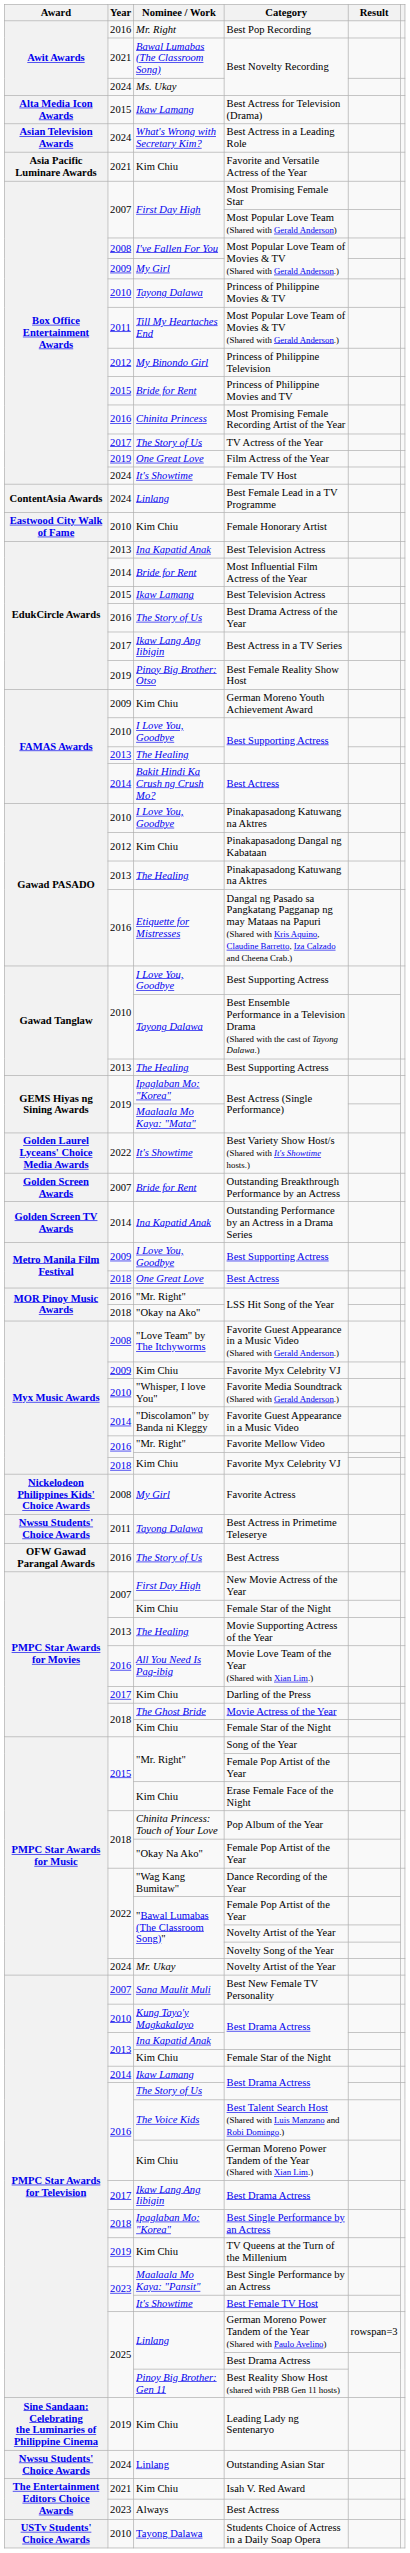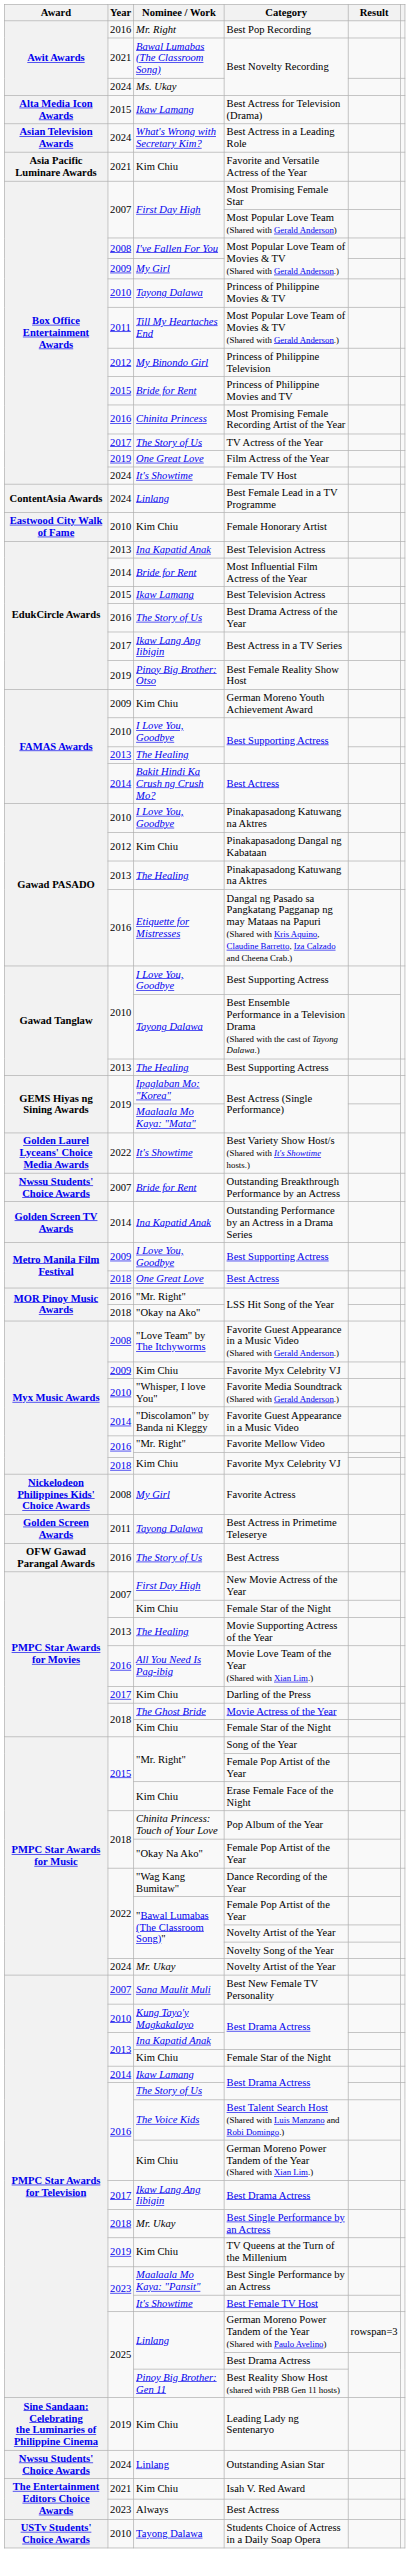 <table class="wikitable sortable plainrowheaders">
 <tr>
 <th scope="col">Award</th>
 <th scope="col">Year</th>
 <th scope="col">Nominee / Work</th>
 <th scope="col">Category</th>
 <th scope="col">Result</th>
 <th scope="col" class="unsortable"></th>
 </tr>
 <tr>
 <th rowspan="3" scope="row"><a href='#'>Awit Awards</a></th>
 <td>2016</td>
 <td><em>Mr. Right</em></td>
 <td>Best Pop Recording</td>
 <td></td>
 <td style="text-align: center;"></td>
 </tr>
 <tr>
 <td>2021</td>
 <td><em><a href='#'>Bawal Lumabas (The Classroom Song)</a></em></td>
 <td rowspan=2>Best Novelty Recording</td>
 <td></td>
 <td style="text-align: center;"></td>
 </tr>
 <tr>
 <td>2024</td>
 <td><em>Ms. Ukay</em></td>
 <td></td>
 <td style="text-align: center;"></td>
 </tr>
 <tr>
 <th rowspan="1" scope="row"><a href='#'>Alta Media Icon Awards</a></th>
 <td>2015</td>
 <td><em><a href='#'>Ikaw Lamang</a></em></td>
 <td>Best Actress for Television (Drama)</td>
 <td></td>
 <td style="text-align: center;"></td>
 </tr>
 <tr>
 <th scope="row"><a href='#'>Asian Television Awards</a></th>
 <td>2024</td>
 <td><em><a href='#'>What's Wrong with Secretary Kim?</a></em></td>
 <td>Best Actress in a Leading Role</td>
 <td></td>
 <td style="text-align: center;"></td>
 </tr>
 <tr>
 <th rowspan="1" scope="row">Asia Pacific Luminare Awards</th>
 <td>2021</td>
 <td>Kim Chiu</td>
 <td>Favorite and Versatile Actress of the Year</td>
 <td></td>
 <td style="text-align: center;"></td>
 </tr>
 <tr>
 <th rowspan="12" scope="row"><a href='#'>Box Office Entertainment Awards</a></th>
 <td rowspan="2">2007</td>
 <td rowspan="2"><em><a href='#'>First Day High</a></em></td>
 <td>Most Promising Female Star</td>
 <td></td>
 <td rowspan="2" style="text-align: center;"></td>
 </tr>
 <tr>
 <td>Most Popular Love Team <br><small>(Shared with <a href='#'>Gerald Anderson</a>)</small></td>
 <td></td>
 </tr>
 <tr>
 <td><a href='#'>2008</a></td>
 <td><em><a href='#'>I've Fallen For You</a></em></td>
 <td rowspan="2">Most Popular Love Team of Movies & TV<br><small>(Shared with <a href='#'>Gerald Anderson</a>.)</small></td>
 <td></td>
 <td style="text-align: center;"></td>
 </tr>
 <tr>
 <td><a href='#'>2009</a></td>
 <td><em><a href='#'>My Girl</a></em></td>
 <td></td>
 <td style="text-align: center;"></td>
 </tr>
 <tr>
 <td><a href='#'>2010</a></td>
 <td><em><a href='#'>Tayong Dalawa</a></em></td>
 <td>Princess of Philippine Movies & TV</td>
 <td></td>
 <td style="text-align: center;"></td>
 </tr>
 <tr>
 <td><a href='#'>2011</a></td>
 <td><em><a href='#'>Till My Heartaches End</a></em></td>
 <td>Most Popular Love Team of Movies & TV<br><small>(Shared with <a href='#'>Gerald Anderson</a>.)</small></td>
 <td></td>
 <td style="text-align: center;"></td>
 </tr>
 <tr>
 <td><a href='#'>2012</a></td>
 <td><em><a href='#'>My Binondo Girl</a></em></td>
 <td>Princess of Philippine Television</td>
 <td></td>
 <td style="text-align: center;"></td>
 </tr>
 <tr>
 <td><a href='#'>2015</a></td>
 <td><em><a href='#'>Bride for Rent</a></em></td>
 <td>Princess of Philippine Movies and TV</td>
 <td></td>
 <td style="text-align: center;"></td>
 </tr>
 <tr>
 <td rowspan="1"><a href='#'>2016</a></td>
 <td><em><a href='#'>Chinita Princess</a></em></td>
 <td>Most Promising Female Recording Artist of the Year</td>
 <td></td>
 <td style="text-align: center;"></td>
 </tr>
 <tr>
 <td><a href='#'>2017</a></td>
 <td><em><a href='#'>The Story of Us</a></em></td>
 <td>TV Actress of the Year</td>
 <td></td>
 <td style="text-align: center;"></td>
 </tr>
 <tr>
 <td><a href='#'>2019</a></td>
 <td><em><a href='#'>One Great Love</a></em></td>
 <td>Film Actress of the Year</td>
 <td></td>
 <td style="text-align: center;"></td>
 </tr>
 <tr>
 <td>2024</td>
 <td><em><a href='#'>It's Showtime</a></em></td>
 <td>Female TV Host</td>
 <td></td>
 <td align="center"></td>
 </tr>
 <tr>
 <th scope="row">ContentAsia Awards</th>
 <td>2024</td>
 <td><em><a href='#'>Linlang</a></em></td>
 <td>Best Female Lead in a TV Programme</td>
 <td></td>
 <td style="text-align: center;"></td>
 </tr>
 <tr>
 <th rowspan="1" scope="row"><a href='#'>Eastwood City Walk of Fame</a></th>
 <td>2010</td>
 <td>Kim Chiu</td>
 <td>Female Honorary Artist</td>
 <td></td>
 <td style="text-align: center;"></td>
 </tr>
 <tr>
 <th rowspan="6" scope="row">EdukCircle Awards</th>
 <td>2013</td>
 <td><em><a href='#'>Ina Kapatid Anak</a></em></td>
 <td>Best Television Actress</td>
 <td></td>
 <td style="text-align: center;"></td>
 </tr>
 <tr>
 <td>2014</td>
 <td><em><a href='#'>Bride for Rent</a></em></td>
 <td>Most Influential Film Actress of the Year</td>
 <td></td>
 <td style="text-align: center;"></td>
 </tr>
 <tr>
 <td>2015</td>
 <td><em><a href='#'>Ikaw Lamang</a></em></td>
 <td>Best Television Actress</td>
 <td></td>
 <td style="text-align: center;"></td>
 </tr>
 <tr>
 <td>2016</td>
 <td><em><a href='#'>The Story of Us</a></em></td>
 <td>Best Drama Actress of the Year</td>
 <td></td>
 <td style="text-align: center;"></td>
 </tr>
 <tr>
 <td>2017</td>
 <td><em><a href='#'>Ikaw Lang Ang Iibigin</a></em></td>
 <td>Best Actress in a TV Series</td>
 <td></td>
 <td style="text-align: center;"></td>
 </tr>
 <tr>
 <td>2019</td>
 <td><em><a href='#'>Pinoy Big Brother: Otso</a></em></td>
 <td>Best Female Reality Show Host</td>
 <td></td>
 <td style="text-align: center;"></td>
 </tr>
 <tr>
 <th rowspan="4" scope="row"><a href='#'>FAMAS Awards</a></th>
 <td>2009</td>
 <td>Kim Chiu</td>
 <td>German Moreno Youth Achievement Award</td>
 <td></td>
 <td style="text-align: center;"></td>
 </tr>
 <tr>
 <td>2010</td>
 <td><em><a href='#'>I Love You, Goodbye</a></em></td>
 <td rowspan="2"><a href='#'>Best Supporting Actress</a></td>
 <td></td>
 <td style="text-align: center;"></td>
 </tr>
 <tr>
 <td><a href='#'>2013</a></td>
 <td><em><a href='#'>The Healing</a></em></td>
 <td></td>
 <td style="text-align: center;"></td>
 </tr>
 <tr>
 <td><a href='#'>2014</a></td>
 <td><em><a href='#'>Bakit Hindi Ka Crush ng Crush Mo?</a></em></td>
 <td><a href='#'>Best Actress</a></td>
 <td></td>
 <td style="text-align: center;"></td>
 </tr>
 <tr>
 <th rowspan="4" scope="row">Gawad PASADO</th>
 <td>2010</td>
 <td><em><a href='#'>I Love You, Goodbye</a></em></td>
 <td>Pinakapasadong Katuwang na Aktres</td>
 <td></td>
 <td style="text-align: center;"></td>
 </tr>
 <tr>
 <td>2012</td>
 <td>Kim Chiu</td>
 <td>Pinakapasadong Dangal ng Kabataan</td>
 <td></td>
 <td style="text-align: center;"></td>
 </tr>
 <tr>
 <td>2013</td>
 <td><em><a href='#'>The Healing</a></em></td>
 <td>Pinakapasadong Katuwang na Aktres</td>
 <td></td>
 <td style="text-align: center;"></td>
 </tr>
 <tr>
 <td>2016</td>
 <td><em><a href='#'>Etiquette for Mistresses</a></em></td>
 <td>Dangal ng Pasado sa Pangkatang Pagganap ng may Mataas na Papuri<br><small>(Shared with <a href='#'>Kris Aquino</a>, <a href='#'>Claudine Barretto</a>, <a href='#'>Iza Calzado</a> and Cheena Crab.)</small></td>
 <td></td>
 <td style="text-align: center;"></td>
 </tr>
 <tr>
 <th rowspan="3" scope="row">Gawad Tanglaw</th>
 <td rowspan="2">2010</td>
 <td><em><a href='#'>I Love You, Goodbye</a></em></td>
 <td>Best Supporting Actress</td>
 <td></td>
 <td rowspan="2" style="text-align: center;"></td>
 </tr>
 <tr>
 <td><em><a href='#'>Tayong Dalawa</a></em></td>
 <td>Best Ensemble Performance in a Television Drama <br><small>(Shared with the cast of <em>Tayong Dalawa</em>.)</small></td>
 <td></td>
 </tr>
 <tr>
 <td>2013</td>
 <td><em><a href='#'>The Healing</a></em></td>
 <td>Best Supporting Actress</td>
 <td></td>
 <td style="text-align: center;"></td>
 </tr>
 <tr>
 <th rowspan="2" scope="row">GEMS Hiyas ng Sining Awards</th>
 <td rowspan="2">2019</td>
 <td><em><a href='#'>Ipaglaban Mo: "Korea"</a></em></td>
 <td rowspan="2">Best Actress (Single Performance)</td>
 <td></td>
 <td rowspan="2" style="text-align: center;"></td>
 </tr>
 <tr>
 <td><em><a href='#'>Maalaala Mo Kaya: "Mata"</a></em></td>
 <td></td>
 </tr>
 <tr>
 <th rowspan="1" scope="row"><a href='#'>Golden Laurel Lyceans' Choice Media Awards</a></th>
 <td>2022</td>
 <td><em><a href='#'>It's Showtime</a></em></td>
 <td>Best Variety Show Host/s <br><small>(Shared with <em><a href='#'>It's Showtime</a></em> hosts.)</small></td>
 <td></td>
 <td style="text-align: center;"></td>
 </tr>
 <tr>
-<th scope="row"><a href='#'>Golden Screen Awards</a></th>
+<th rowspan="1" scope="row"><a href='#'>Nwssu Students' Choice Awards</a></th>
 <td>2007</td>
 <td><em><a href='#'>Bride for Rent</a></em></td>
 <td>Outstanding Breakthrough Performance by an Actress</td>
 <td></td>
 <td style="text-align: center;"></td>
 </tr>
 <tr>
 <th scope="row"><a href='#'>Golden Screen TV Awards</a></th>
 <td>2014</td>
 <td><em><a href='#'>Ina Kapatid Anak</a></em></td>
 <td>Outstanding Performance by an Actress in a Drama Series</td>
 <td></td>
 <td style="text-align: center;"></td>
 </tr>
 <tr>
 <th rowspan="2" scope="row"><a href='#'>Metro Manila Film Festival</a></th>
 <td><a href='#'>2009</a></td>
 <td><em><a href='#'>I Love You, Goodbye</a></em></td>
 <td><a href='#'>Best Supporting Actress</a></td>
 <td></td>
 <td style="text-align: center;"></td>
 </tr>
 <tr>
 <td><a href='#'>2018</a></td>
 <td><em><a href='#'>One Great Love</a></em></td>
 <td><a href='#'>Best Actress</a></td>
 <td></td>
 <td style="text-align: center;"></td>
 </tr>
 <tr>
 <th rowspan="2" scope="row"><a href='#'>MOR Pinoy Music Awards</a></th>
 <td>2016</td>
 <td>"Mr. Right"</td>
 <td rowspan="2">LSS Hit Song of the Year</td>
 <td></td>
 <td style="text-align: center;"></td>
 </tr>
 <tr>
 <td>2018</td>
 <td>"Okay na Ako"</td>
 <td></td>
 <td style="text-align: center;"></td>
 </tr>
 <tr>
 <th rowspan="7" scope="row"><a href='#'>Myx Music Awards</a></th>
 <td><a href='#'>2008</a></td>
 <td>"Love Team" by <a href='#'>The Itchyworms</a></td>
 <td>Favorite Guest Appearance in a Music Video<br><small>(Shared with <a href='#'>Gerald Anderson</a>.)</small></td>
 <td></td>
 <td style="text-align: center;"></td>
 </tr>
 <tr>
 <td><a href='#'>2009</a></td>
 <td>Kim Chiu</td>
 <td>Favorite Myx Celebrity VJ</td>
 <td></td>
 <td style="text-align: center;"></td>
 </tr>
 <tr>
 <td><a href='#'>2010</a></td>
 <td>"Whisper, I love You"</td>
 <td>Favorite Media Soundtrack <br><small>(Shared with <a href='#'>Gerald Anderson</a>.)</small></td>
 <td></td>
 <td style="text-align: center;"></td>
 </tr>
 <tr>
 <td><a href='#'>2014</a></td>
 <td>"Discolamon" by Banda ni Kleggy</td>
 <td>Favorite Guest Appearance in a Music Video</td>
 <td></td>
 <td style="text-align: center;"></td>
 </tr>
 <tr>
 <td rowspan="2"><a href='#'>2016</a></td>
 <td>"Mr. Right"</td>
 <td>Favorite Mellow Video</td>
 <td></td>
 <td rowspan="2" style="text-align: center;"></td>
 </tr>
 <tr>
 <td rowspan="2">Kim Chiu</td>
 <td rowspan="2">Favorite Myx Celebrity VJ</td>
 <td></td>
 </tr>
 <tr>
 <td><a href='#'>2018</a></td>
 <td></td>
 <td style="text-align: center;"></td>
 </tr>
 <tr>
 <th rowspan="1" scope="row"><a href='#'>Nickelodeon Philippines Kids' Choice Awards</a></th>
 <td>2008</td>
 <td><em><a href='#'>My Girl</a></em></td>
 <td>Favorite Actress</td>
 <td></td>
 <td style="text-align: center;"></td>
 </tr>
 <tr>
-<th rowspan="1" scope="row"><a href='#'>Nwssu Students' Choice Awards</a></th>
+<th scope="row"><a href='#'>Golden Screen Awards</a></th>
 <td>2011</td>
 <td><em><a href='#'>Tayong Dalawa</a></em></td>
 <td>Best Actress in Primetime Teleserye</td>
 <td></td>
 <td style="text-align: center;"></td>
 </tr>
 <tr>
 <th rowspan="1" scope="row">OFW Gawad Parangal Awards</th>
 <td>2016</td>
 <td><em><a href='#'>The Story of Us</a></em></td>
 <td>Best Actress</td>
 <td></td>
 <td style="text-align: center;"></td>
 </tr>
 <tr>
 <th rowspan="7" scope="row"><a href='#'>PMPC Star Awards for Movies</a></th>
 <td rowspan="2">2007</td>
 <td><em><a href='#'>First Day High</a></em></td>
 <td>New Movie Actress of the Year</td>
 <td></td>
 <td rowspan="2" style="text-align: center;"></td>
 </tr>
 <tr>
 <td>Kim Chiu</td>
 <td>Female Star of the Night</td>
 <td></td>
 </tr>
 <tr>
 <td>2013</td>
 <td><em><a href='#'>The Healing</a></em></td>
 <td>Movie Supporting Actress of the Year</td>
 <td></td>
 <td style="text-align: center;"></td>
 </tr>
 <tr>
 <td><a href='#'>2016</a></td>
 <td><em><a href='#'>All You Need Is Pag-ibig</a></em></td>
 <td>Movie Love Team of the Year <br><small>(Shared with <a href='#'>Xian Lim</a>.)</small></td>
 <td></td>
 <td style="text-align: center;"></td>
 </tr>
 <tr>
 <td><a href='#'>2017</a></td>
 <td>Kim Chiu</td>
 <td>Darling of the Press</td>
 <td></td>
 <td style="text-align: center;"></td>
 </tr>
 <tr>
 <td rowspan="2">2018</td>
 <td><em><a href='#'>The Ghost Bride</a></em></td>
 <td><a href='#'>Movie Actress of the Year</a></td>
 <td></td>
 <td rowspan="2" style="text-align: center;"></td>
 </tr>
 <tr>
 <td>Kim Chiu</td>
 <td>Female Star of the Night</td>
 <td></td>
 </tr>
 <tr>
 <th rowspan="10" scope="row"><a href='#'>PMPC Star Awards for Music</a></th>
 <td rowspan="3"><a href='#'>2015</a></td>
 <td rowspan="2">"Mr. Right"</td>
 <td>Song of the Year</td>
 <td></td>
 <td rowspan="3" style="text-align: center;"></td>
 </tr>
 <tr>
 <td>Female Pop Artist of the Year</td>
 <td></td>
 </tr>
 <tr>
 <td>Kim Chiu</td>
 <td>Erase Female Face of the Night</td>
 <td></td>
 </tr>
 <tr>
 <td rowspan="2">2018</td>
 <td><em>Chinita Princess: Touch of Your Love</em></td>
 <td>Pop Album of the Year</td>
 <td></td>
 <td rowspan="2" style="text-align: center;"></td>
 </tr>
 <tr>
 <td>"Okay Na Ako"</td>
 <td>Female Pop Artist of the Year</td>
 <td></td>
 </tr>
 <tr>
 <td rowspan="4">2022</td>
 <td>"Wag Kang Bumitaw"</td>
 <td>Dance Recording of the Year</td>
 <td></td>
 <td rowspan="4" style="text-align: center;"></td>
 </tr>
 <tr>
 <td rowspan="3">"<a href='#'>Bawal Lumabas (The Classroom Song)</a>"</td>
 <td>Female Pop Artist of the Year</td>
 <td></td>
 </tr>
 <tr>
 <td>Novelty Artist of the Year</td>
 <td></td>
 </tr>
 <tr>
 <td>Novelty Song of the Year</td>
 <td></td>
 </tr>
 <tr>
 <td>2024</td>
 <td><em>Mr. Ukay</em></td>
 <td>Novelty Artist of the Year</td>
 <td></td>
 <td align="center"></td>
 </tr>
 <tr>
 <th rowspan="16" scope="row"><a href='#'>PMPC Star Awards for Television</a></th>
 <td><a href='#'>2007</a></td>
 <td><em><a href='#'>Sana Maulit Muli</a></em></td>
 <td>Best New Female TV Personality</td>
 <td></td>
 <td style="text-align: center;"></td>
 </tr>
 <tr>
 <td><a href='#'>2010</a></td>
 <td><em><a href='#'>Kung Tayo'y Magkakalayo</a></em></td>
 <td rowspan="2"><a href='#'>Best Drama Actress</a></td>
 <td></td>
 <td style="text-align: center;"></td>
 </tr>
 <tr>
 <td rowspan="2"><a href='#'>2013</a></td>
 <td><em><a href='#'>Ina Kapatid Anak</a></em></td>
 <td></td>
 <td rowspan="2" style="text-align: center;"></td>
 </tr>
 <tr>
 <td>Kim Chiu</td>
 <td>Female Star of the Night</td>
 <td></td>
 </tr>
 <tr>
 <td><a href='#'>2014</a></td>
 <td><em><a href='#'>Ikaw Lamang</a></em></td>
 <td rowspan="2"><a href='#'>Best Drama Actress</a></td>
 <td></td>
 <td style="text-align: center;"></td>
 </tr>
 <tr>
 <td rowspan="3"><a href='#'>2016</a></td>
 <td><em><a href='#'>The Story of Us</a></em></td>
 <td></td>
 <td rowspan="3" style="text-align: center;"></td>
 </tr>
 <tr>
 <td><em><a href='#'>The Voice Kids</a></em></td>
 <td><a href='#'>Best Talent Search Host</a><br><small>(Shared with <a href='#'>Luis Manzano</a> and <a href='#'>Robi Domingo</a>.)</small></td>
 <td></td>
 </tr>
 <tr>
 <td>Kim Chiu</td>
 <td>German Moreno Power Tandem of the Year <br><small>(Shared with <a href='#'>Xian Lim</a>.)</small></td>
 <td></td>
 </tr>
 <tr>
 <td><a href='#'>2017</a></td>
 <td><em><a href='#'>Ikaw Lang Ang Iibigin</a></em></td>
 <td><a href='#'>Best Drama Actress</a></td>
 <td></td>
 <td style="text-align: center;"></td>
 </tr>
 <tr>
 <td><a href='#'>2018</a></td>
-<td><em><a href='#'>Ipaglaban Mo: "Korea"</a></em></td>
+<td><em>Mr. Ukay</em></td>
 <td><a href='#'>Best Single Performance by an Actress</a></td>
 <td></td>
 <td style="text-align: center;"></td>
 </tr>
 <tr>
 <td><a href='#'>2019</a></td>
 <td>Kim Chiu</td>
 <td>TV Queens at the Turn of the Millenium</td>
 <td></td>
 <td style="text-align: center;"></td>
 </tr>
 <tr>
 <td rowspan="2"><a href='#'>2023</a></td>
 <td><em><a href='#'>Maalaala Mo Kaya: "Pansit"</a></em></td>
 <td>Best Single Performance by an Actress</td>
 <td></td>
 <td rowspan="2" style="text-align: center;"></td>
 </tr>
 <tr>
 <td><em><a href='#'>It's Showtime</a></em></td>
 <td><a href='#'>Best Female TV Host</a></td>
 <td></td>
 </tr>
 <tr>
 <td rowspan=3>2025</td>
 <td rowspan=2><em><a href='#'>Linlang</a></em></td>
 <td>German Moreno Power Tandem of the Year <br><small>(Shared with <a href='#'>Paulo Avelino</a>)</small></td>
 <td>rowspan=3 </td>
 <td rowspan=3 style="text-align: center;"></td>
 </tr>
 <tr>
 <td>Best Drama Actress</td>
 </tr>
 <tr>
 <td><em><a href='#'>Pinoy Big Brother: Gen 11</a></td>
 <td>Best Reality Show Host <small>(shared with PBB Gen 11 hosts)</small></td>
 </tr>
 <tr>
 <th rowspan="1" scope="row"><a href='#'>Sine Sandaan: Celebrating<br>the Luminaries of Philippine Cinema</a></th>
 <td>2019</td>
 <td>Kim Chiu</td>
 <td>Leading Lady ng Sentenaryo</td>
 <td></td>
 <td style="text-align: center;"></td>
 </tr>
 <tr>
 <th rowspan="1" scope="row"><a href='#'>Nwssu Students' Choice Awards</a></th>
 <td>2024</td>
 <td></em><a href='#'>Linlang</a><em></td>
 <td>Outstanding Asian Star</td>
 <td></td>
 <td style="text-align: center;"></td>
 </tr>
 <tr>
 <th rowspan="2" scope="row"><a href='#'>The Entertainment Editors Choice Awards</a></th>
 <td>2021</td>
 <td>Kim Chiu</td>
 <td>Isah V. Red Award</td>
 <td></td>
 <td style="text-align: center;"></td>
 </tr>
 <tr>
 <td>2023</td>
 <td></em>Always<em></td>
 <td>Best Actress</td>
 <td></td>
 <td style="text-align: center;"></td>
 </tr>
 <tr>
 <th rowspan="1" scope="row"><a href='#'>USTv Students' Choice Awards</a></th>
 <td>2010</td>
 <td></em><a href='#'>Tayong Dalawa</a><em></td>
 <td>Students Choice of Actress in a Daily Soap Opera</td>
 <td></td>
 <td style="text-align: center;"></td>
 </tr>
 </table>
